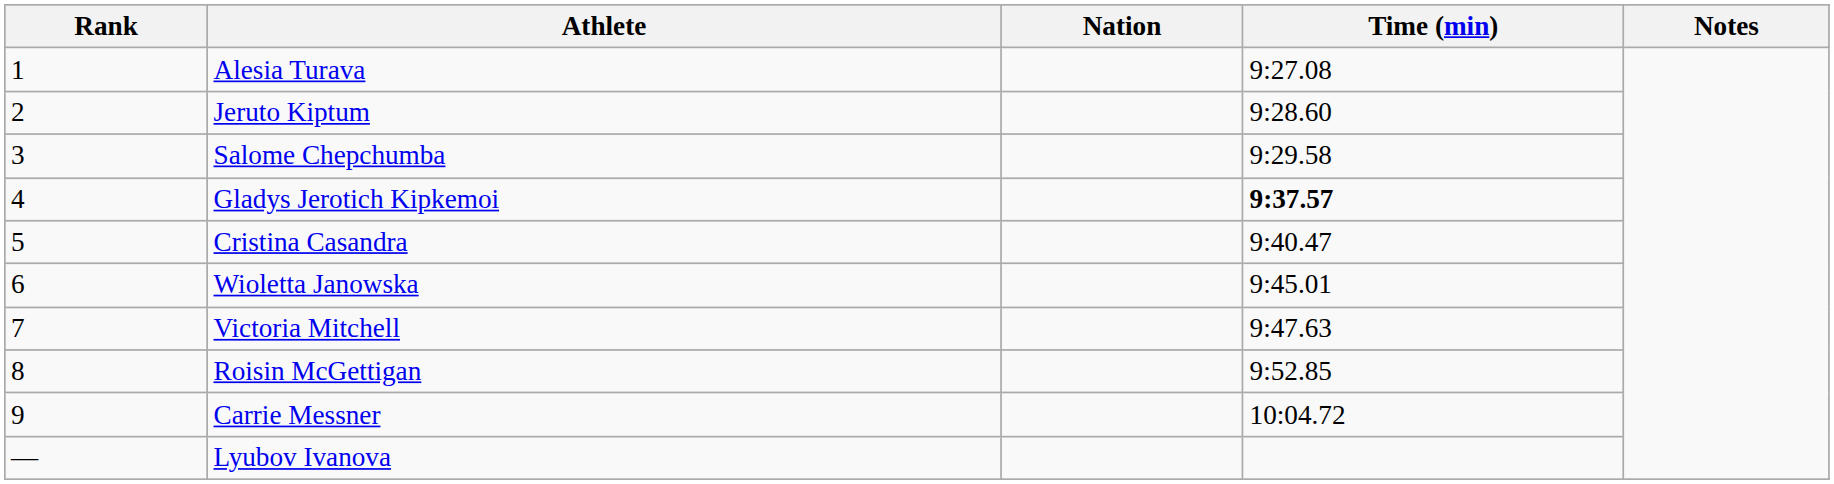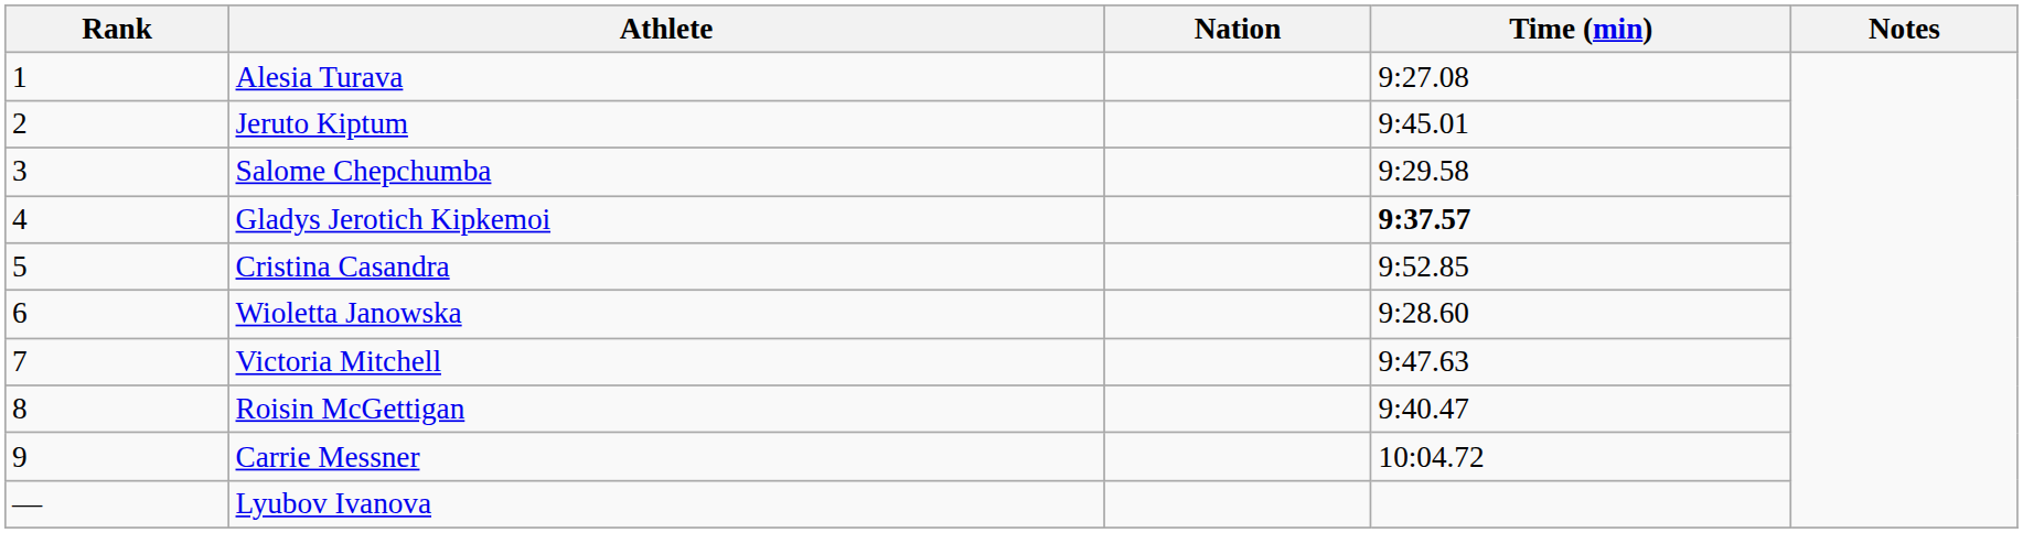 <table class="wikitable" style="text=align:center;" width=85%>
 <tr>
 <th>Rank</th>
 <th>Athlete</th>
 <th>Nation</th>
 <th>Time (<a href='#'>min</a>)</th>
 <th>Notes</th>
 </tr>
 <tr>
 <td>1</td>
 <td><a href='#'>Alesia Turava</a></td>
 <td></td>
 <td>9:27.08</td>
 </tr>
 <tr>
 <td>2</td>
 <td><a href='#'>Jeruto Kiptum</a></td>
 <td></td>
-<td>9:28.60</td>
+<td>9:45.01</td>
 </tr>
 <tr>
 <td>3</td>
 <td><a href='#'>Salome Chepchumba</a></td>
 <td></td>
 <td>9:29.58</td>
 </tr>
 <tr>
 <td>4</td>
 <td><a href='#'>Gladys Jerotich Kipkemoi</a></td>
 <td></td>
 <td><strong>9:37.57</strong></td>
 </tr>
 <tr>
 <td>5</td>
 <td><a href='#'>Cristina Casandra</a></td>
 <td></td>
-<td>9:40.47</td>
+<td>9:52.85</td>
 </tr>
 <tr>
 <td>6</td>
 <td><a href='#'>Wioletta Janowska</a></td>
 <td></td>
-<td>9:45.01</td>
+<td>9:28.60</td>
 </tr>
 <tr>
 <td>7</td>
 <td><a href='#'>Victoria Mitchell</a></td>
 <td></td>
 <td>9:47.63</td>
 </tr>
 <tr>
 <td>8</td>
 <td><a href='#'>Roisin McGettigan</a></td>
 <td></td>
-<td>9:52.85</td>
+<td>9:40.47</td>
 </tr>
 <tr>
 <td>9</td>
 <td><a href='#'>Carrie Messner</a></td>
 <td></td>
 <td>10:04.72</td>
 </tr>
 <tr>
 <td>—</td>
 <td><a href='#'>Lyubov Ivanova</a></td>
 <td></td>
 <td></td>
 </tr>
 </table>
